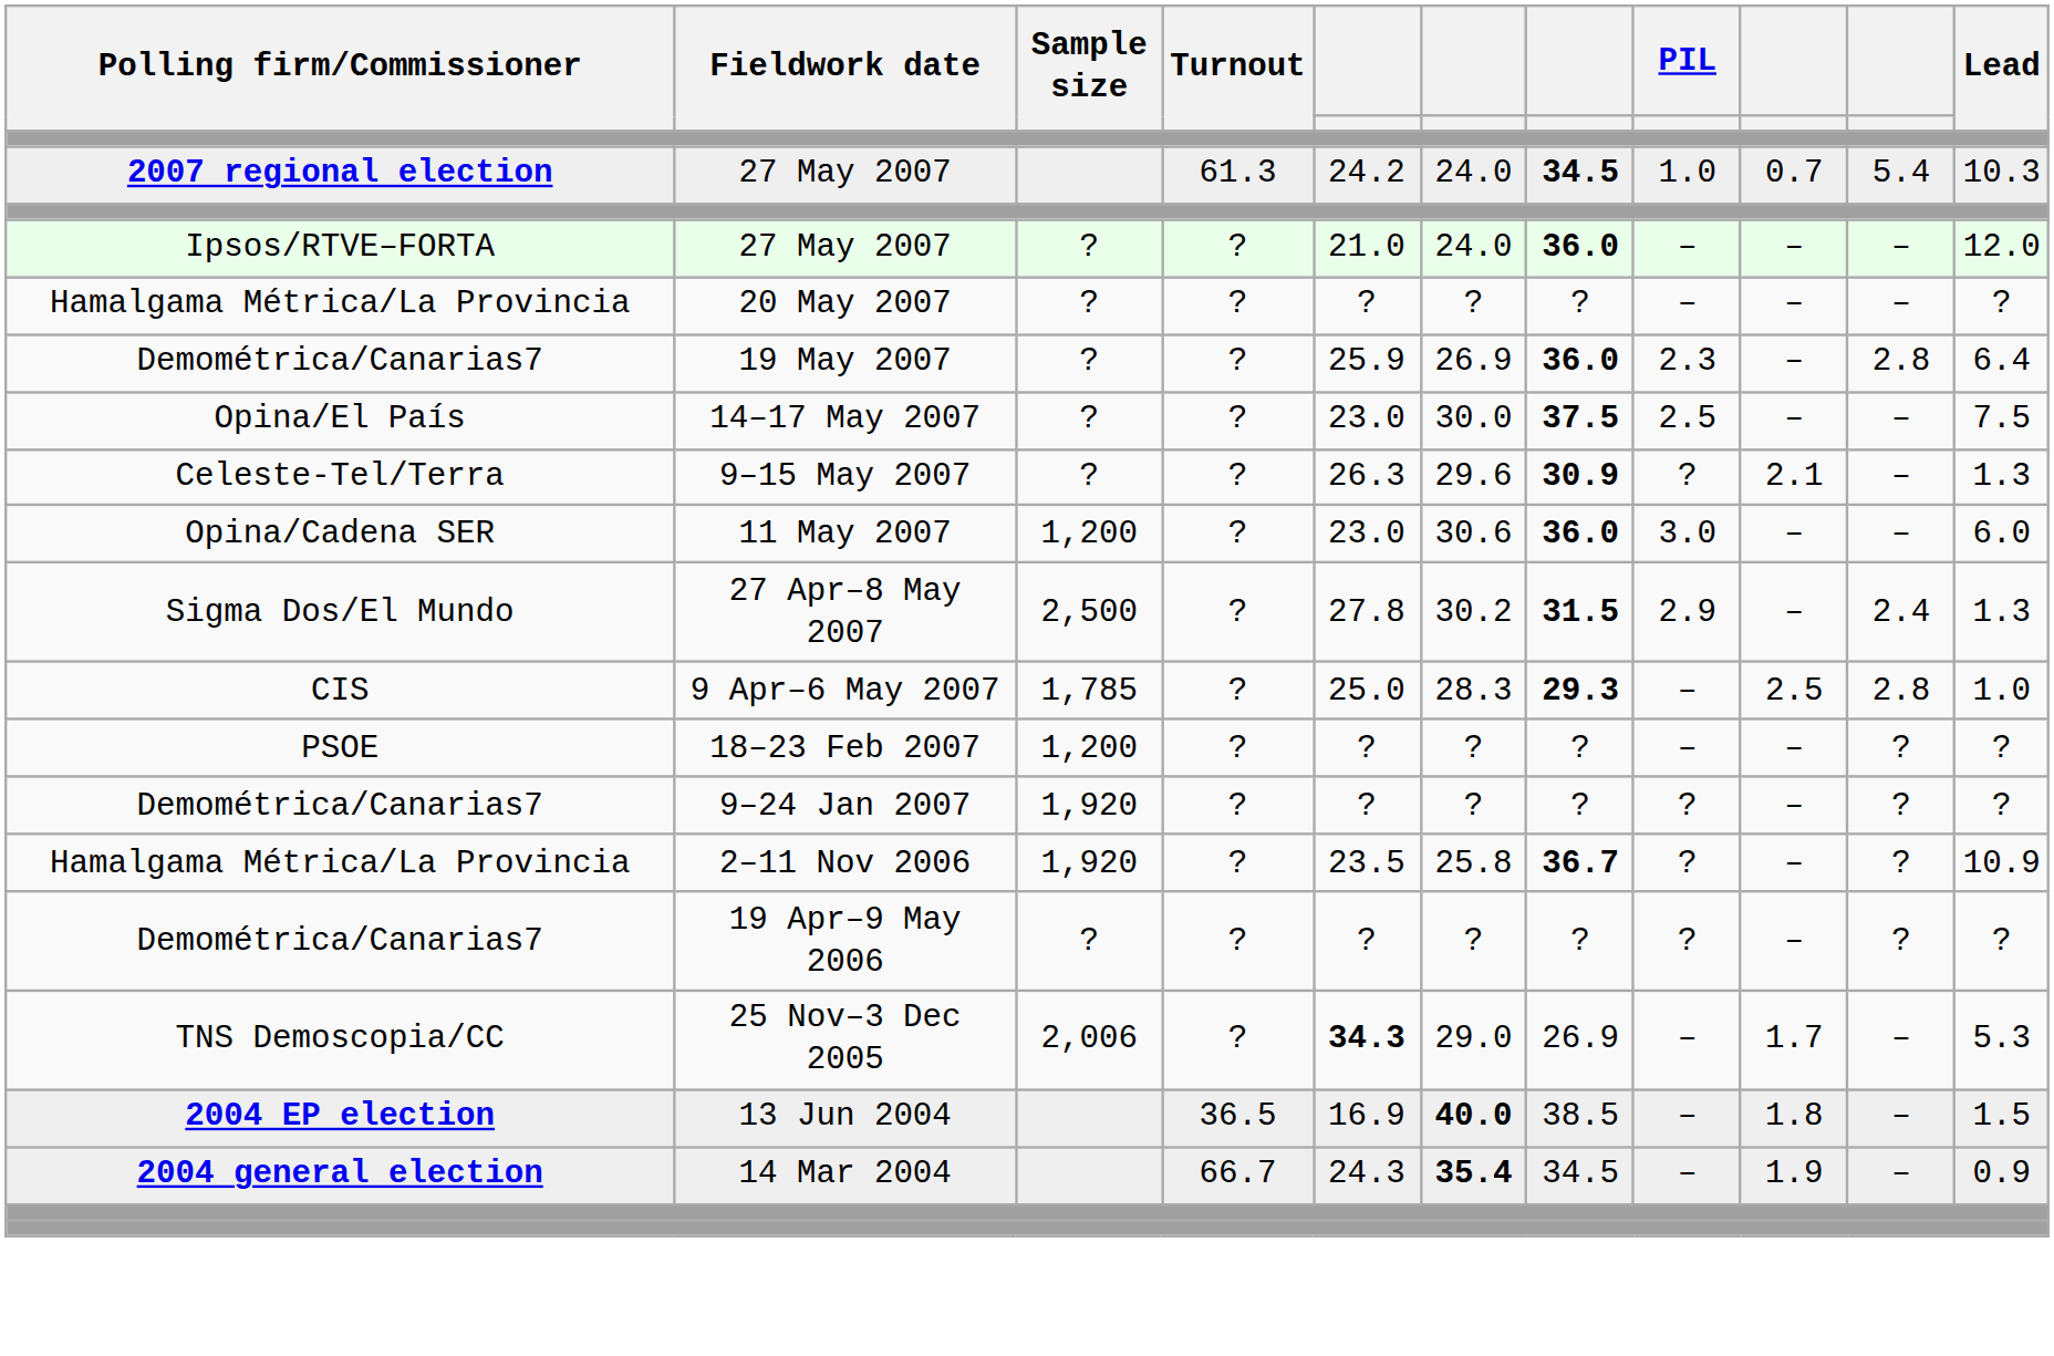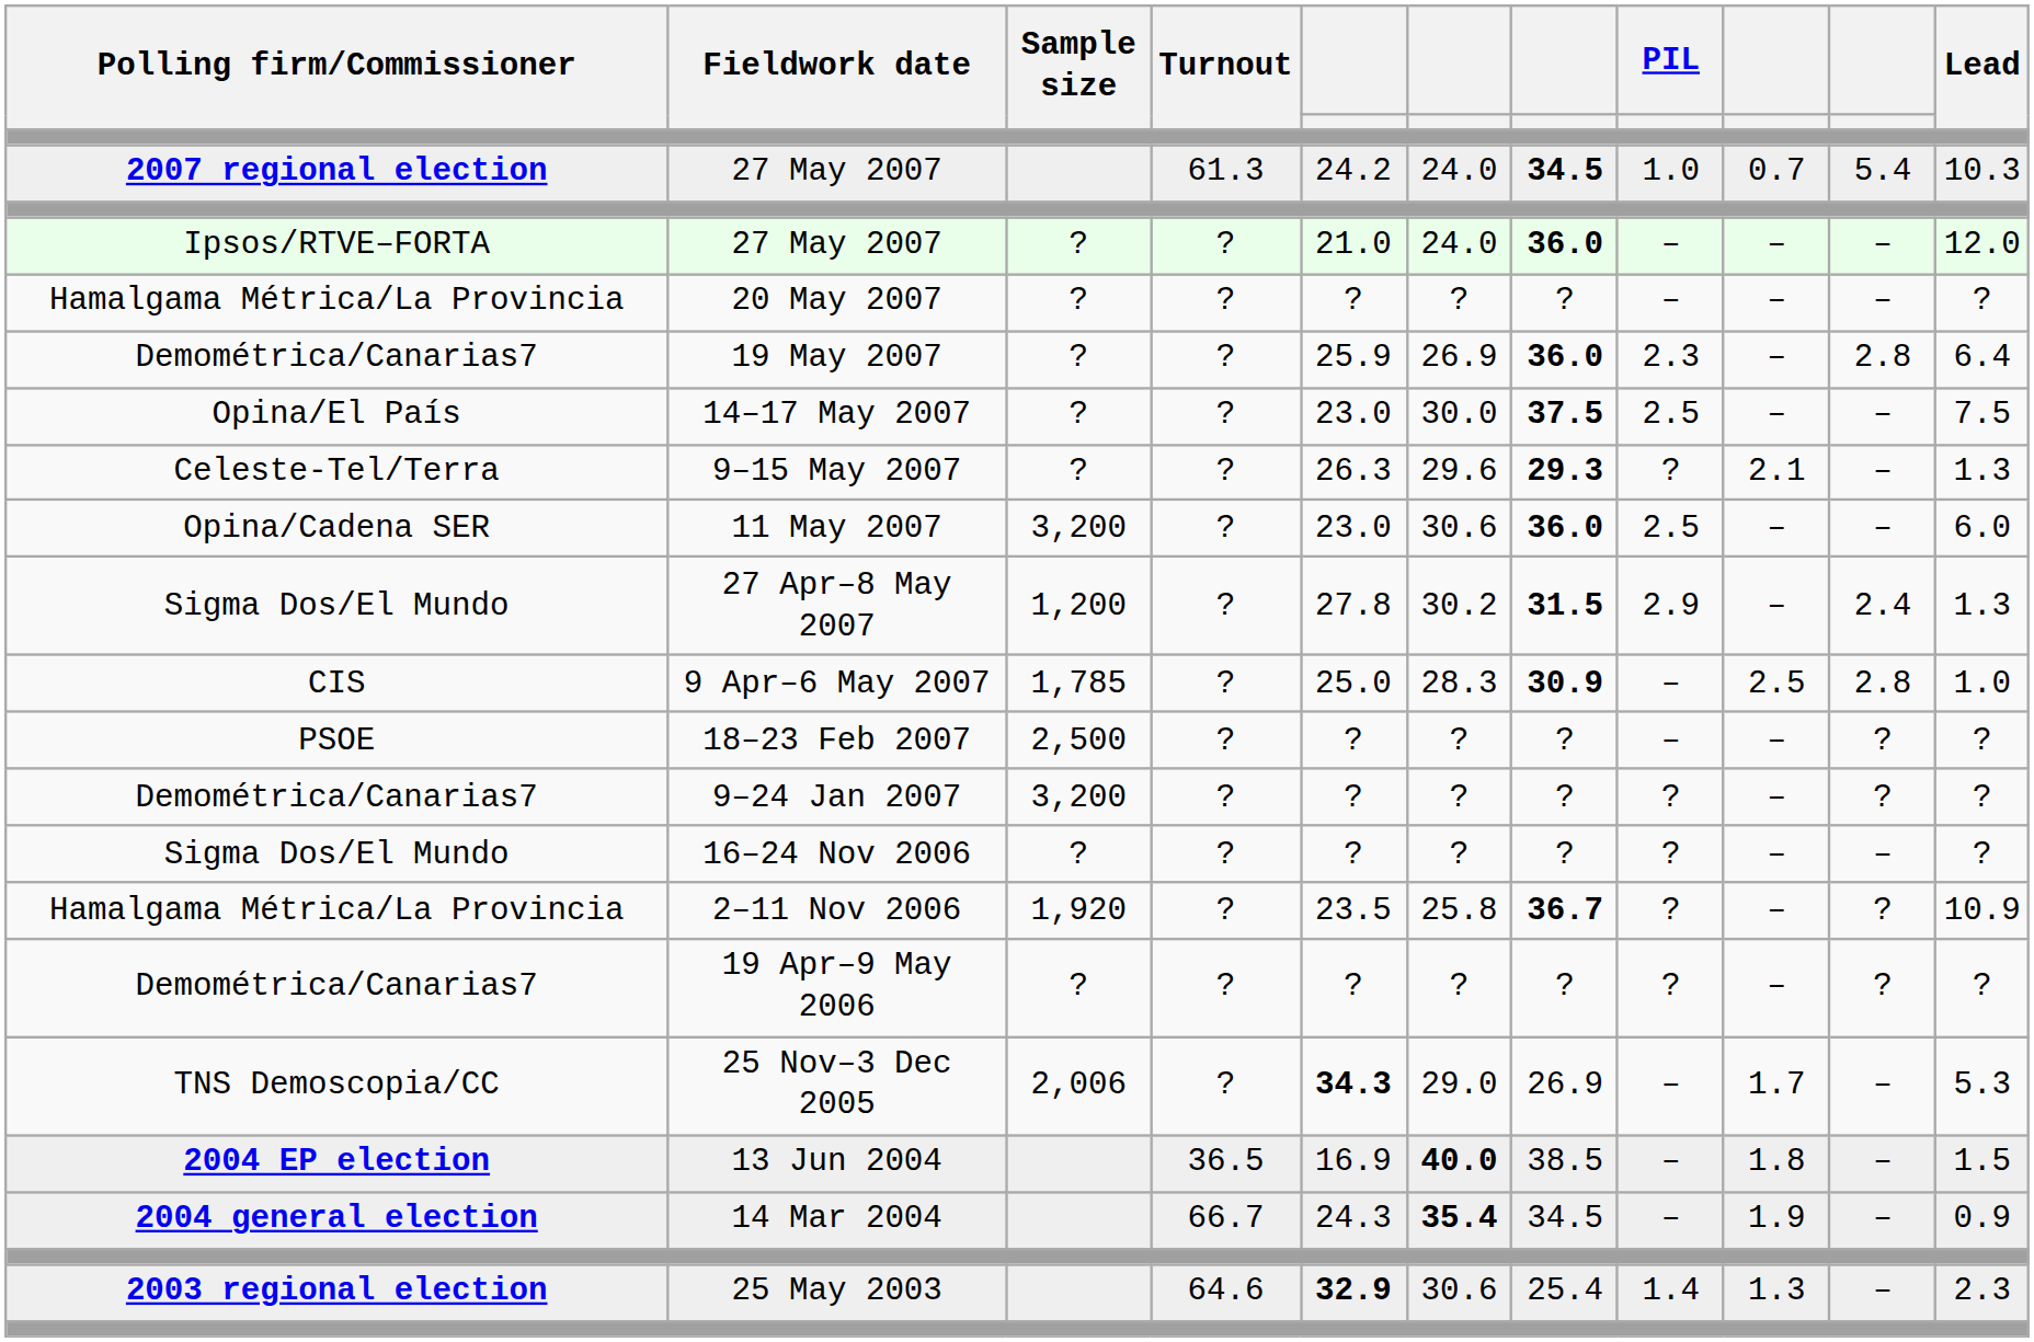 <table class="wikitable collapsible collapsed" style="text-align:center; font-size:95%; line-height:16px;">
 <tr style="height:42px;">
 <th style="width:250px;" rowspan="2">Polling firm/Commissioner</th>
 <th style="width:125px;" rowspan="2">Fieldwork date</th>
 <th style="width:50px;" rowspan="2">Sample size</th>
 <th style="width:45px;" rowspan="2">Turnout</th>
 <th style="width:35px;"></th>
 <th style="width:35px;"></th>
 <th style="width:35px;"></th>
 <th style="width:35px;"><a href='#'>PIL</a></th>
 <th style="width:35px;"></th>
 <th style="width:35px;"></th>
 <th style="width:30px;" rowspan="2">Lead</th>
 </tr>
 <tr>
 <th style="color:inherit;background:"></th>
 <th style="color:inherit;background:"></th>
 <th style="color:inherit;background:"></th>
 <th style="color:inherit;background:"></th>
 <th style="color:inherit;background:"></th>
 <th style="color:inherit;background:"></th>
 </tr>
 <tr>
 <td colspan="11" style="background:#A0A0A0"></td>
 </tr>
 <tr style="background:#EFEFEF;">
 <td><strong><a href='#'>2007 regional election</a></strong></td>
 <td>27 May 2007</td>
 <td></td>
 <td>61.3</td>
 <td>24.2<br></td>
 <td>24.0<br></td>
 <td><strong>34.5</strong><br></td>
 <td>1.0<br></td>
 <td>0.7<br></td>
 <td>5.4<br></td>
 <td style="background:">10.3</td>
 </tr>
 <tr>
 <td colspan="11" style="background:#A0A0A0"></td>
 </tr>
 <tr style="background:#EAFFEA;">
 <td>Ipsos/RTVE–FORTA</td>
 <td>27 May 2007</td>
 <td>?</td>
 <td>?</td>
 <td>21.0<br></td>
 <td>24.0<br></td>
 <td><strong>36.0</strong><br></td>
 <td>–</td>
 <td>–</td>
 <td>–</td>
 <td style="background:">12.0</td>
 </tr>
 <tr>
 <td>Hamalgama Métrica/La Provincia</td>
 <td>20 May 2007</td>
 <td>?</td>
 <td>?</td>
 <td>?<br></td>
 <td>?<br></td>
 <td>?<br></td>
 <td>–</td>
 <td>–</td>
 <td>–</td>
 <td style="background:">?</td>
 </tr>
 <tr>
 <td>Demométrica/Canarias7</td>
 <td>19 May 2007</td>
 <td>?</td>
 <td>?</td>
 <td>25.9<br></td>
 <td>26.9<br></td>
 <td><strong>36.0</strong><br></td>
 <td>2.3<br></td>
 <td>–</td>
 <td>2.8<br></td>
 <td style="background:">6.4</td>
 </tr>
 <tr>
 <td>Opina/El País</td>
 <td>14–17 May 2007</td>
 <td>?</td>
 <td>?</td>
 <td>23.0<br></td>
 <td>30.0<br></td>
 <td><strong>37.5</strong><br></td>
 <td>2.5<br></td>
 <td>–</td>
 <td>–</td>
 <td style="background:">7.5</td>
 </tr>
 <tr>
 <td>Celeste-Tel/Terra</td>
 <td>9–15 May 2007</td>
 <td>?</td>
 <td>?</td>
 <td>26.3<br></td>
 <td>29.6<br></td>
-<td><strong>30.9</strong><br></td>
+<td><strong>29.3</strong><br></td>
 <td>?<br></td>
 <td>2.1<br></td>
 <td>–</td>
 <td style="background:">1.3</td>
 </tr>
 <tr>
 <td>Opina/Cadena SER</td>
 <td>11 May 2007</td>
-<td>1,200</td>
+<td>3,200</td>
 <td>?</td>
 <td>23.0<br></td>
 <td>30.6<br></td>
 <td><strong>36.0</strong><br></td>
-<td>3.0<br></td>
+<td>2.5<br></td>
 <td>–</td>
 <td>–</td>
 <td style="background:">6.0</td>
 </tr>
 <tr>
 <td>Sigma Dos/El Mundo</td>
 <td>27 Apr–8 May 2007</td>
-<td>2,500</td>
+<td>1,200</td>
 <td>?</td>
 <td>27.8<br></td>
 <td>30.2<br></td>
 <td><strong>31.5</strong><br></td>
 <td>2.9<br></td>
 <td>–</td>
 <td>2.4<br></td>
 <td style="background:">1.3</td>
 </tr>
 <tr>
 <td>CIS</td>
 <td>9 Apr–6 May 2007</td>
 <td>1,785</td>
 <td>?</td>
 <td>25.0<br></td>
 <td>28.3<br></td>
-<td><strong>29.3</strong><br></td>
+<td><strong>30.9</strong><br></td>
 <td>–</td>
 <td>2.5<br></td>
 <td>2.8<br></td>
 <td style="background:">1.0</td>
 </tr>
 <tr>
 <td>PSOE</td>
 <td>18–23 Feb 2007</td>
-<td>1,200</td>
+<td>2,500</td>
 <td>?</td>
 <td>?<br></td>
 <td>?<br></td>
 <td>?<br></td>
 <td>–</td>
 <td>–</td>
 <td>?<br></td>
 <td style="background:">?</td>
 </tr>
 <tr>
 <td>Demométrica/Canarias7</td>
 <td>9–24 Jan 2007</td>
-<td>1,920</td>
+<td>3,200</td>
 <td>?</td>
 <td>?<br></td>
 <td>?<br></td>
 <td>?<br></td>
 <td>?<br></td>
 <td>–</td>
 <td>?<br></td>
+<td style="background:">?</td>
+</tr>
+<tr>
+<td>Sigma Dos/El Mundo</td>
+<td>16–24 Nov 2006</td>
+<td>?</td>
+<td>?</td>
+<td>?<br></td>
+<td>?<br></td>
+<td>?<br></td>
+<td>?<br></td>
+<td>–</td>
+<td>–</td>
 <td style="background:">?</td>
 </tr>
 <tr>
 <td>Hamalgama Métrica/La Provincia</td>
 <td>2–11 Nov 2006</td>
 <td>1,920</td>
 <td>?</td>
 <td>23.5<br></td>
 <td>25.8<br></td>
 <td><strong>36.7</strong><br></td>
 <td>?<br></td>
 <td>–</td>
 <td>?<br></td>
 <td style="background:">10.9</td>
 </tr>
 <tr>
 <td>Demométrica/Canarias7</td>
 <td>19 Apr–9 May 2006</td>
 <td>?</td>
 <td>?</td>
 <td>?<br></td>
 <td>?<br></td>
 <td>?<br></td>
 <td>?<br></td>
 <td>–</td>
 <td>?<br></td>
 <td style="background:">?</td>
 </tr>
 <tr>
 <td>TNS Demoscopia/CC</td>
 <td>25 Nov–3 Dec 2005</td>
 <td>2,006</td>
 <td>?</td>
 <td><strong>34.3</strong><br></td>
 <td>29.0<br></td>
 <td>26.9<br></td>
 <td>–</td>
 <td>1.7<br></td>
 <td>–</td>
 <td style="background:">5.3</td>
 </tr>
 <tr style="background:#EFEFEF;">
 <td><strong><a href='#'>2004 EP election</a></strong></td>
 <td>13 Jun 2004</td>
 <td></td>
 <td>36.5</td>
 <td>16.9</td>
 <td><strong>40.0</strong></td>
 <td>38.5</td>
 <td>–</td>
 <td>1.8</td>
 <td>–</td>
 <td style="background:">1.5</td>
 </tr>
 <tr style="background:#EFEFEF;">
 <td><strong><a href='#'>2004 general election</a></strong></td>
 <td>14 Mar 2004</td>
 <td></td>
 <td>66.7</td>
 <td>24.3</td>
 <td><strong>35.4</strong></td>
 <td>34.5</td>
 <td>–</td>
 <td>1.9</td>
 <td>–</td>
 <td style="background:">0.9</td>
 </tr>
 <tr>
 <td colspan="11" style="background:#A0A0A0"></td>
 </tr>
+<tr style="background:#EFEFEF;">
+<td><strong><a href='#'>2003 regional election</a></strong></td>
+<td>25 May 2003</td>
+<td></td>
+<td>64.6</td>
+<td><strong>32.9</strong><br></td>
+<td>30.6<br></td>
+<td>25.4<br></td>
+<td>1.4<br></td>
+<td>1.3<br></td>
+<td>–</td>
+<td style="background:">2.3</td>
+</tr>
 <tr>
 <td colspan="11" style="background:#A0A0A0"></td>
 </tr>
 </table>
